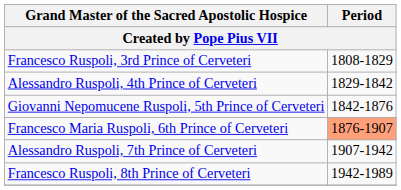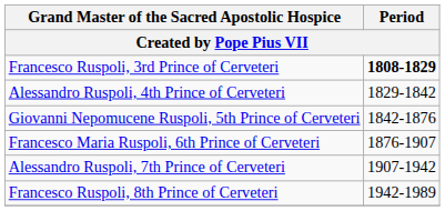 <table class="wikitable">
 <tr>
 <th><strong>Grand Master of the Sacred Apostolic Hospice</strong></th>
 <th>Period</th>
 </tr>
 <tr bgcolor="#dddddd" |>
 <th colspan="2">Created by <a href='#'>Pope Pius VII</a></th>
 </tr>
 <tr>
 <td><a href='#'>Francesco Ruspoli, 3rd Prince of Cerveteri</a></td>
-<td>1808-1829</td>
+<td><strong>1808-1829</strong></td>
 </tr>
 <tr>
 <td><a href='#'>Alessandro Ruspoli, 4th Prince of Cerveteri</a></td>
 <td>1829-1842</td>
 </tr>
 <tr>
 <td><a href='#'>Giovanni Nepomucene Ruspoli, 5th Prince of Cerveteri</a></td>
 <td>1842-1876</td>
 </tr>
 <tr>
 <td><a href='#'>Francesco Maria Ruspoli, 6th Prince of Cerveteri</a></td>
-<td style="background: lightsalmon;">1876-1907</td>
+<td>1876-1907</td>
 </tr>
 <tr>
 <td><a href='#'>Alessandro Ruspoli, 7th Prince of Cerveteri</a></td>
 <td>1907-1942</td>
 </tr>
 <tr>
 <td><a href='#'>Francesco Ruspoli, 8th Prince of Cerveteri</a></td>
 <td>1942-1989</td>
 </tr>
 <tr>
 </tr>
 </table>
